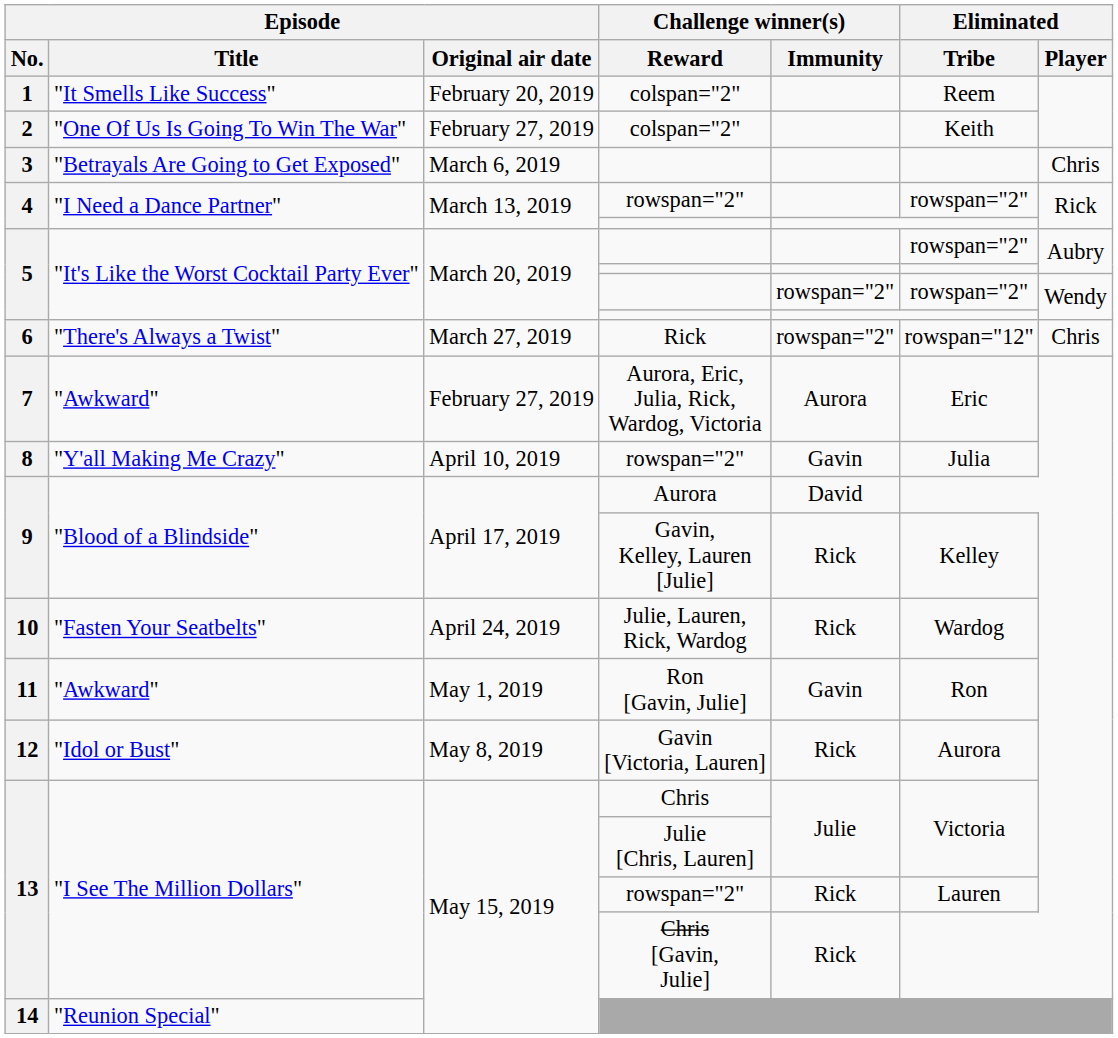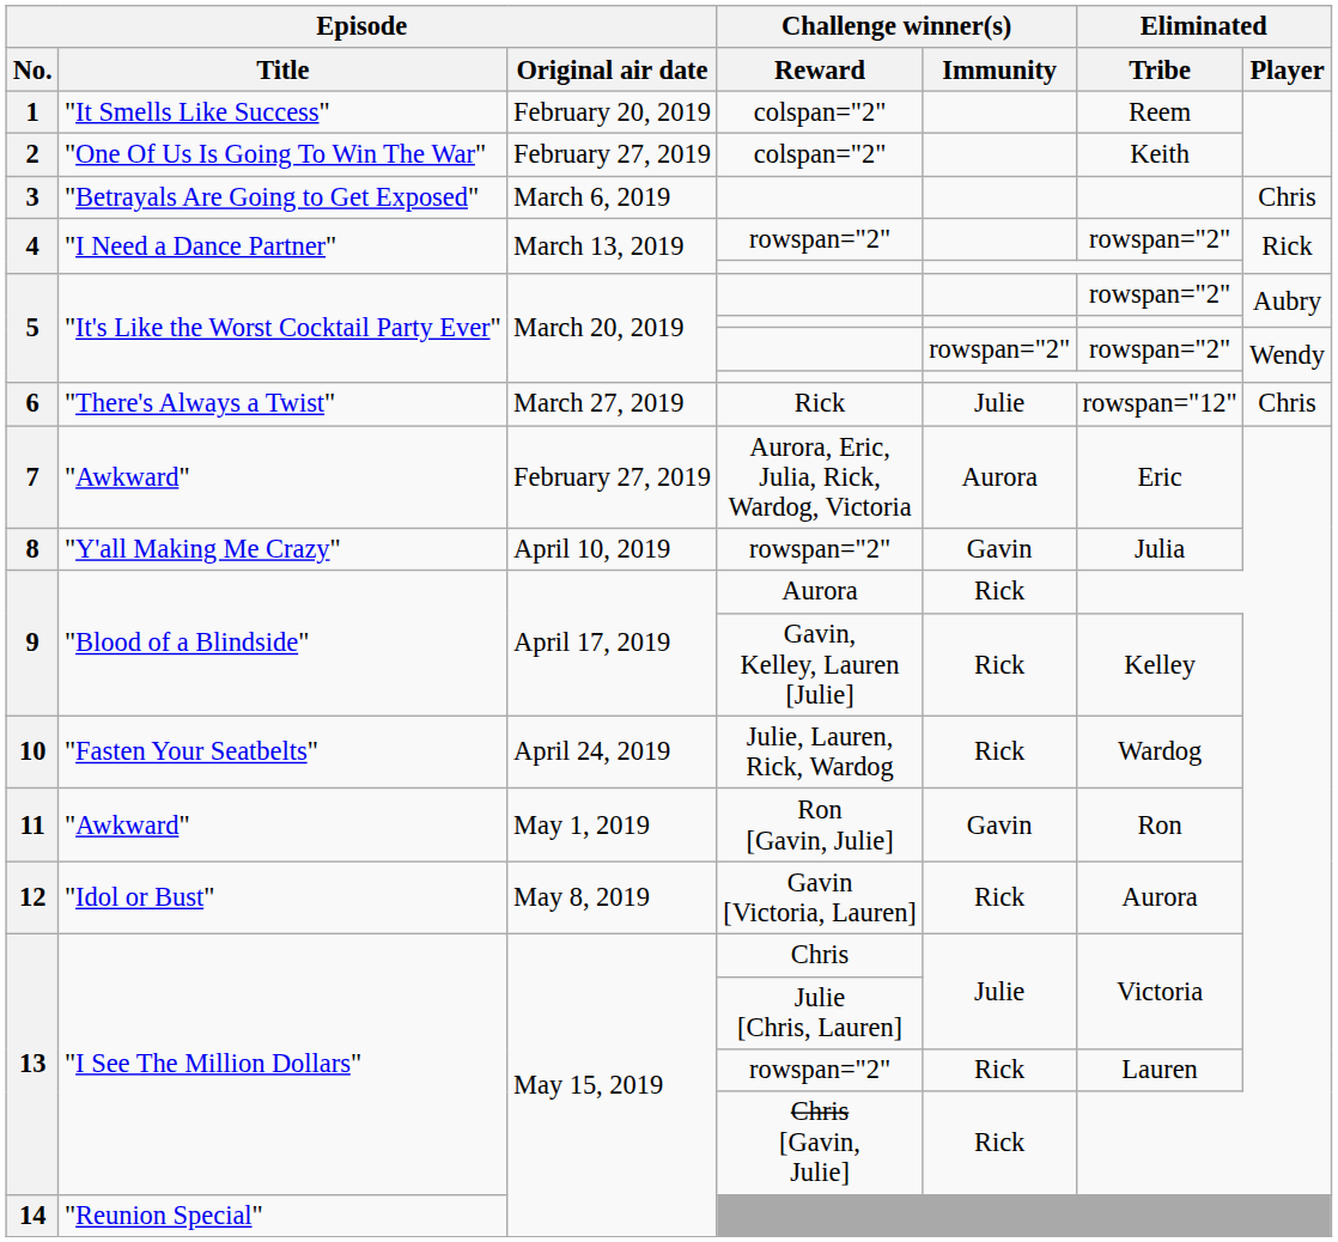 <table class="wikitable plainrowheaders nowrap" style="margin:auto; text-align:center">
 <tr>
 <th scope="col" colspan="3">Episode</th>
 <th scope="col" colspan="2">Challenge winner(s)</th>
 <th scope="col" colspan="2">Eliminated</th>
 </tr>
 <tr>
 <th scope="col">No.</th>
 <th scope="col">Title</th>
 <th scope="col">Original air date</th>
 <th scope="col">Reward</th>
 <th scope="col">Immunity</th>
 <th scope="col">Tribe</th>
 <th scope="col">Player</th>
 </tr>
 <tr>
 <th>1</th>
 <td scope="row" align="left">"<a href='#'>It Smells Like Success</a>"</td>
 <td align="left">February 20, 2019</td>
 <td>colspan="2" </td>
 <td></td>
 <td>Reem</td>
 </tr>
 <tr>
 <th>2</th>
 <td scope="row" align="left">"<a href='#'>One Of Us Is Going To Win The War</a>"</td>
 <td align="left">February 27, 2019</td>
 <td>colspan="2" </td>
 <td></td>
 <td>Keith</td>
 </tr>
 <tr>
 <th>3</th>
 <td scope="row" align="left">"<a href='#'>Betrayals Are Going to Get Exposed</a>"</td>
 <td align="left">March 6, 2019</td>
 <td></td>
 <td></td>
 <td></td>
 <td>Chris</td>
 </tr>
 <tr>
 <th rowspan="2">4</th>
 <td rowspan="2" scope="row" align="left">"<a href='#'>I Need a Dance Partner</a>"</td>
 <td rowspan="2" align="left">March 13, 2019</td>
 <td>rowspan="2" </td>
 <td></td>
 <td>rowspan="2" </td>
 <td rowspan="2">Rick</td>
 </tr>
 <tr>
 <td></td>
 </tr>
 <tr>
 <th rowspan="4">5</th>
 <td rowspan="4" scope="row" align="left">"<a href='#'>It's Like the Worst Cocktail Party Ever</a>"</td>
 <td rowspan="4" align="left">March 20, 2019</td>
 <td></td>
 <td></td>
 <td>rowspan="2" </td>
 <td rowspan="2">Aubry</td>
 </tr>
 <tr>
 <td></td>
 <td></td>
 </tr>
 <tr>
 <td></td>
 <td>rowspan="2" </td>
 <td>rowspan="2" </td>
 <td rowspan="2">Wendy</td>
 </tr>
 <tr>
 <td></td>
 </tr>
 <tr>
 <th>6</th>
 <td scope="row" align="left">"<a href='#'>There's Always a Twist</a>"</td>
 <td align="left">March 27, 2019</td>
 <td>Rick</td>
-<td>rowspan="2" </td>
+<td>Julie</td>
 <td>rowspan="12" </td>
 <td>Chris</td>
 </tr>
 <tr>
 <th>7</th>
 <td scope="row"align="left">"<a href='#'>Awkward</a>"</td>
 <td align="left">February 27, 2019</td>
 <td>Aurora, Eric,<br>Julia, Rick,<br>Wardog, Victoria</td>
 <td>Aurora</td>
 <td>Eric</td>
 </tr>
 <tr>
 <th>8</th>
 <td scope="row"align="left">"<a href='#'>Y'all Making Me Crazy</a>"</td>
 <td align="left">April 10, 2019</td>
 <td>rowspan="2" </td>
 <td>Gavin</td>
 <td>Julia</td>
 </tr>
 <tr>
 <th rowspan="2">9</th>
 <td rowspan="2" scope="row"align="left">"<a href='#'>Blood of a Blindside</a>"</td>
 <td rowspan="2" align="left">April 17, 2019</td>
 <td>Aurora</td>
-<td>David</td>
+<td>Rick</td>
 </tr>
 <tr>
 <td>Gavin,<br>Kelley, Lauren<br>[Julie]</td>
 <td>Rick</td>
 <td>Kelley</td>
 </tr>
 <tr>
 <th>10</th>
 <td scope="row"align="left">"<a href='#'>Fasten Your Seatbelts</a>"</td>
 <td align="left">April 24, 2019</td>
 <td>Julie, Lauren,<br>Rick, Wardog</td>
 <td>Rick</td>
 <td>Wardog</td>
 </tr>
 <tr>
 <th>11</th>
 <td scope="row"align="left">"<a href='#'>Awkward</a>"</td>
 <td align="left">May 1, 2019</td>
 <td>Ron<br>[Gavin, Julie]</td>
 <td>Gavin</td>
 <td>Ron</td>
 </tr>
 <tr>
 <th>12</th>
 <td scope="row"align="left">"<a href='#'>Idol or Bust</a>"</td>
 <td align="left">May 8, 2019</td>
 <td>Gavin<br>[Victoria, Lauren]</td>
 <td>Rick</td>
 <td>Aurora</td>
 </tr>
 <tr>
 <th rowspan="4">13</th>
 <td rowspan="4" align="left">"<a href='#'>I See The Million Dollars</a>"</td>
 <td rowspan="5" align="left">May 15, 2019</td>
 <td>Chris</td>
 <td rowspan="2">Julie</td>
 <td rowspan="2">Victoria</td>
 </tr>
 <tr>
 <td>Julie<br>[Chris, Lauren]</td>
 </tr>
 <tr>
 <td>rowspan="2" </td>
 <td>Rick</td>
 <td>Lauren</td>
 </tr>
 <tr>
 <td><s>Chris</s><br>[Gavin,<br>Julie]</td>
 <td>Rick</td>
 </tr>
 <tr>
 <th>14</th>
 <td align="left">"<a href='#'>Reunion Special</a>"</td>
 <td colspan="4" bgcolor="darkgray"></td>
 </tr>
 </table>
